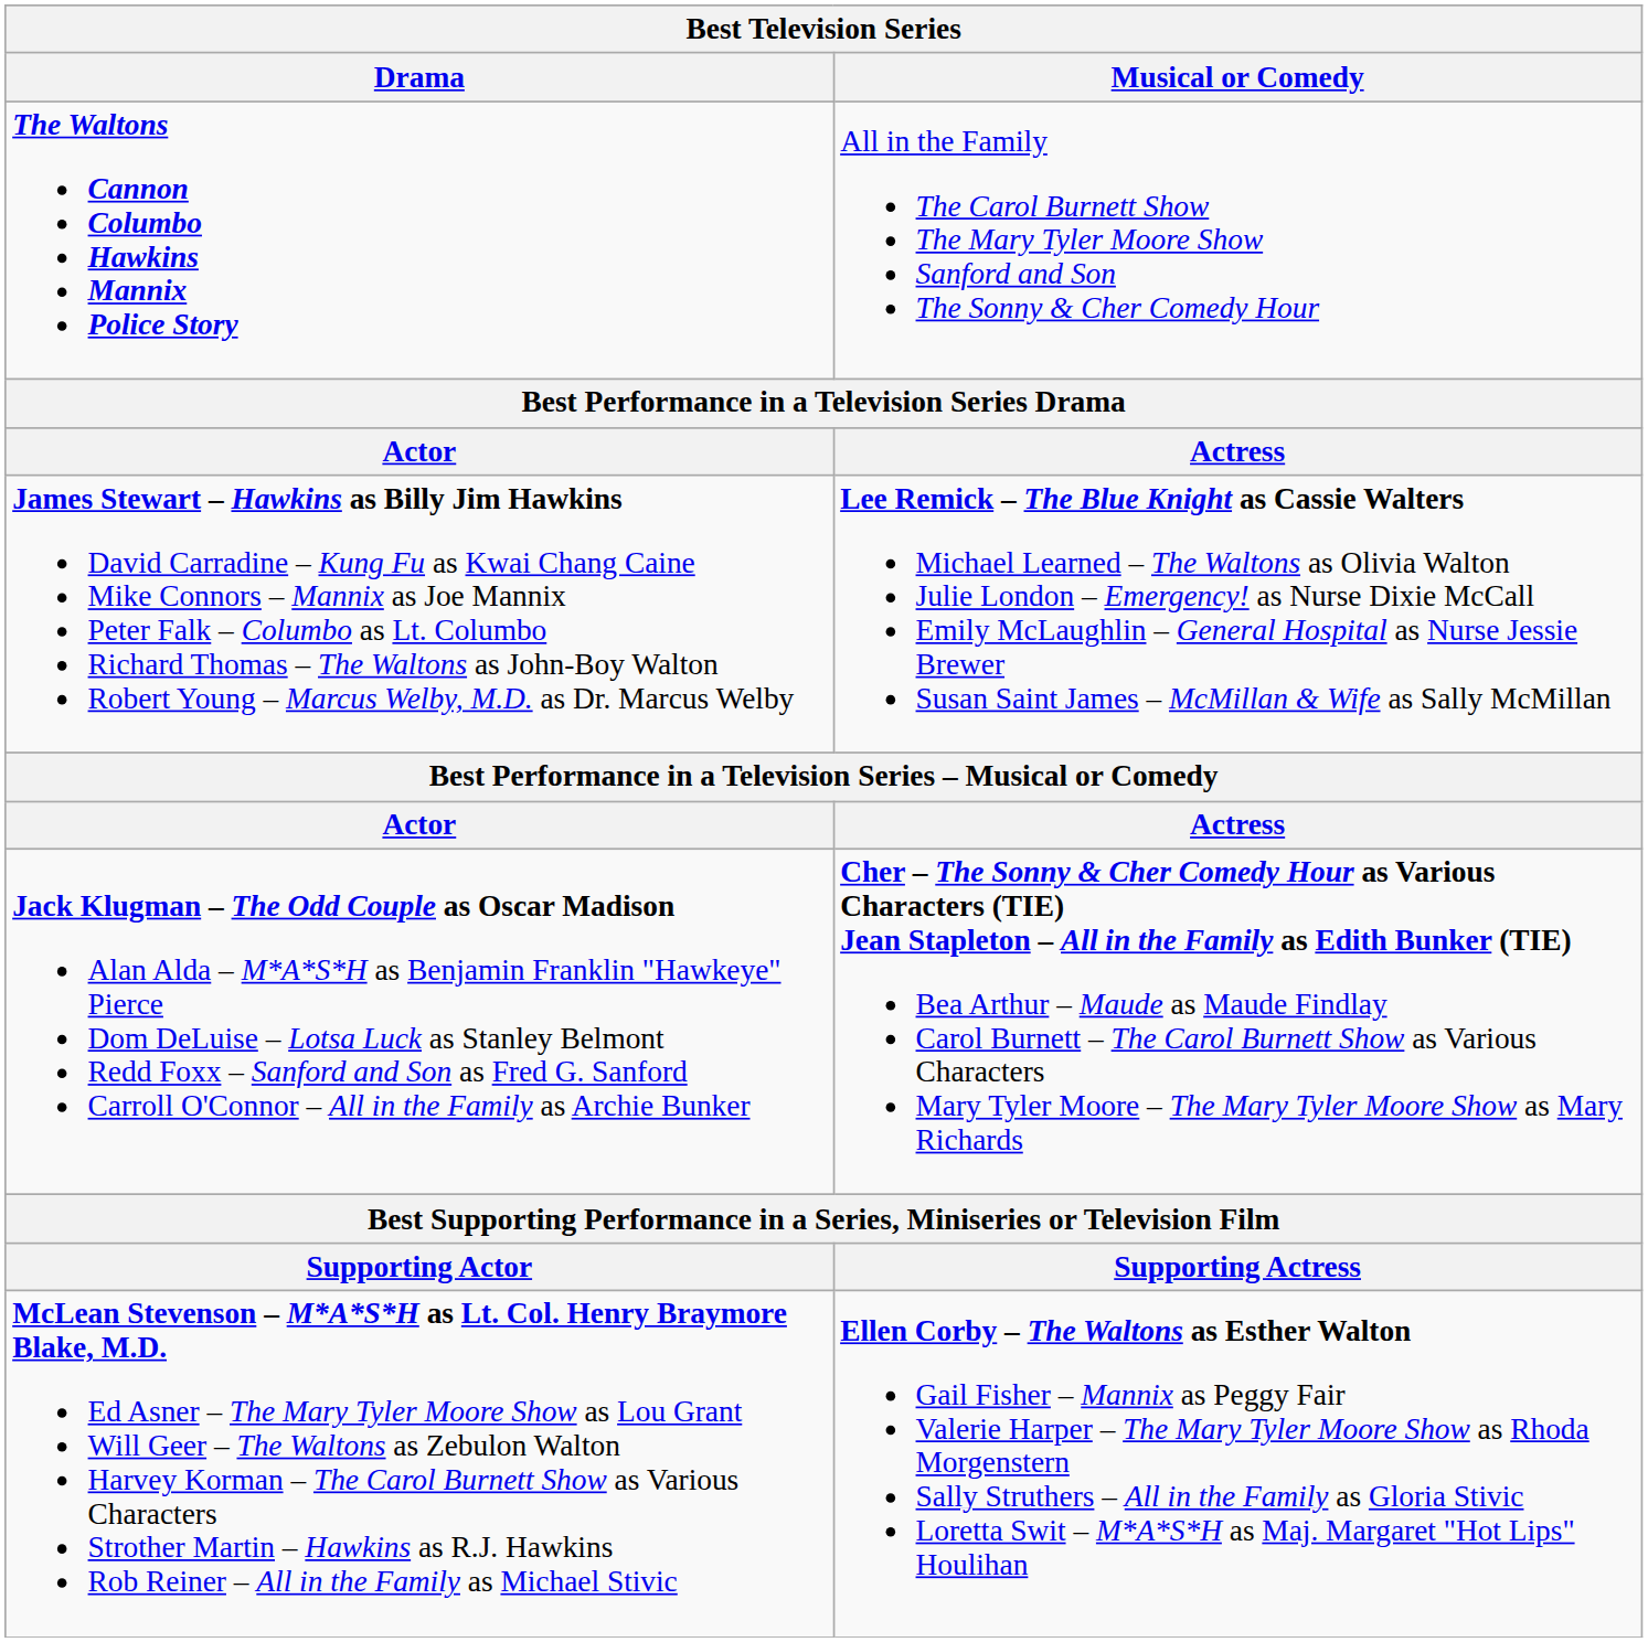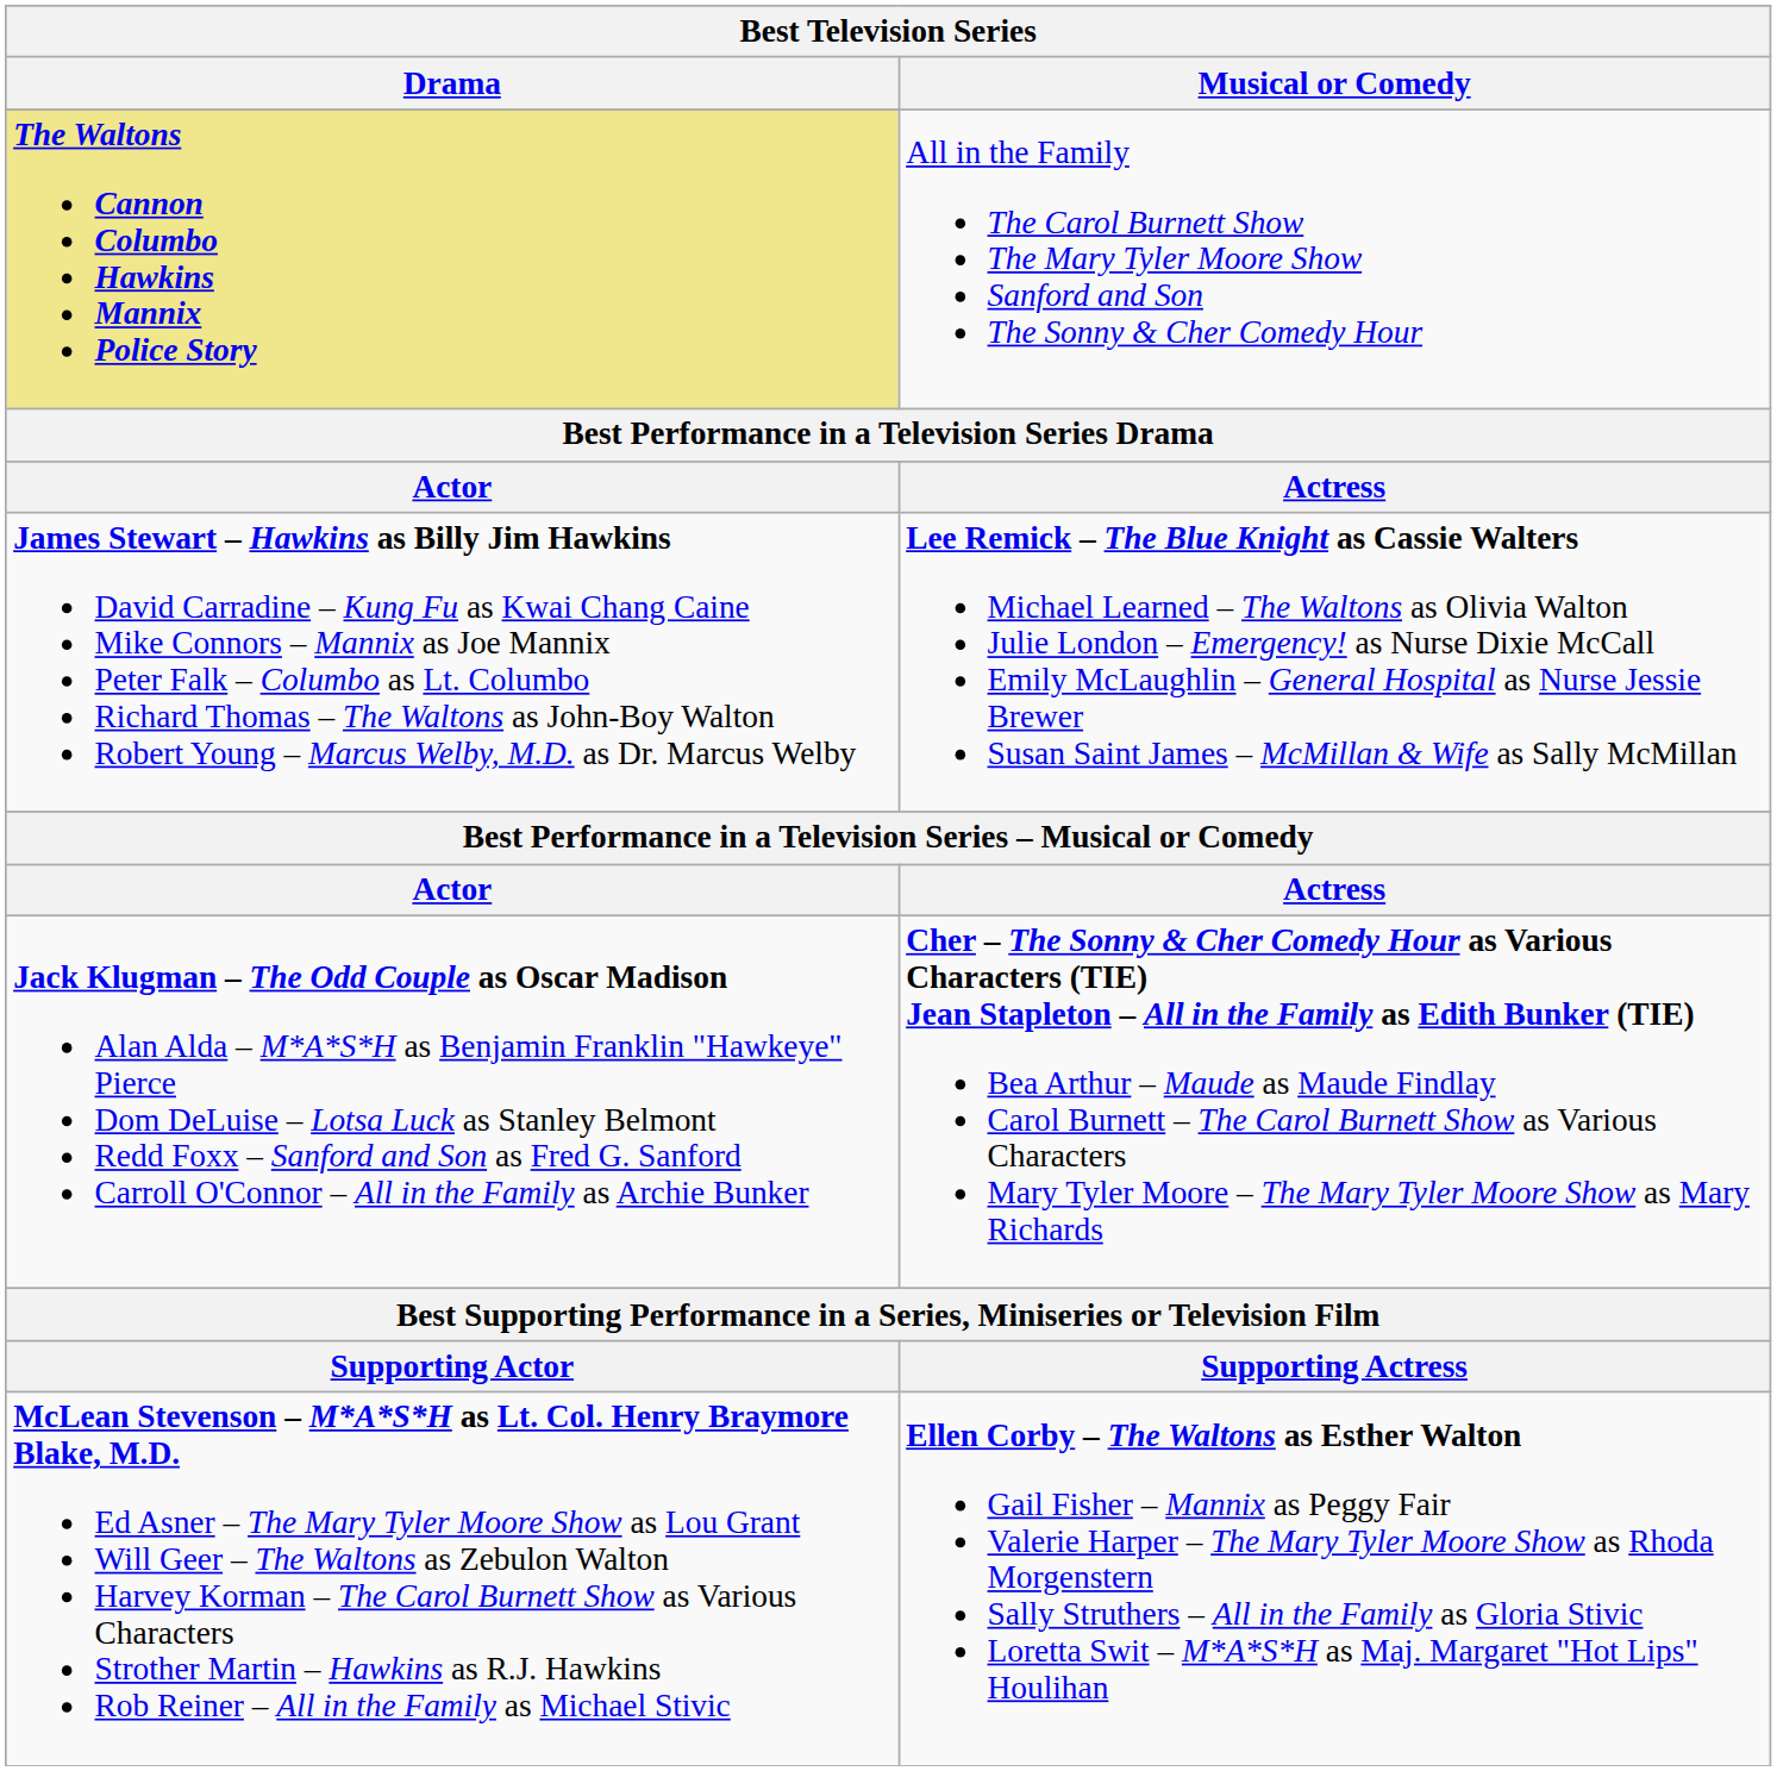 <table class="wikitable">
 <tr>
 <th colspan="2">Best Television Series</th>
 </tr>
 <tr>
 <th><a href='#'>Drama</a></th>
 <th><a href='#'>Musical or Comedy</a></th>
 </tr>
 <tr>
-<td><strong> <em><a href='#'>The Waltons</a><strong><em><br><ul><li></em><a href='#'>Cannon</a><em></li><li></em><a href='#'>Columbo</a><em></li><li></em><a href='#'>Hawkins</a><em></li><li></em><a href='#'>Mannix</a><em></li><li></em><a href='#'>Police Story</a><em></li></ul></td>
+<td style="background: khaki;"><strong> <em><a href='#'>The Waltons</a><strong><em><br><ul><li></em><a href='#'>Cannon</a><em></li><li></em><a href='#'>Columbo</a><em></li><li></em><a href='#'>Hawkins</a><em></li><li></em><a href='#'>Mannix</a><em></li><li></em><a href='#'>Police Story</a><em></li></ul></td>
 <td></strong> </em><a href='#'>All in the Family</a></em></strong><br><ul><li><em><a href='#'>The Carol Burnett Show</a></em></li><li><em><a href='#'>The Mary Tyler Moore Show</a></em></li><li><em><a href='#'>Sanford and Son</a></em></li><li><em><a href='#'>The Sonny & Cher Comedy Hour</a></em></li></ul></td>
 </tr>
 <tr>
 <th colspan="2">Best Performance in a Television Series  Drama</th>
 </tr>
 <tr>
 <th><a href='#'>Actor</a></th>
 <th><a href='#'>Actress</a></th>
 </tr>
 <tr>
 <td><strong> <a href='#'>James Stewart</a> – <em><a href='#'>Hawkins</a></em> as Billy Jim Hawkins</strong><br><ul><li><a href='#'>David Carradine</a> – <em><a href='#'>Kung Fu</a></em> as <a href='#'>Kwai Chang Caine</a></li><li><a href='#'>Mike Connors</a> – <em><a href='#'>Mannix</a></em> as Joe Mannix</li><li><a href='#'>Peter Falk</a> – <em><a href='#'>Columbo</a></em> as <a href='#'>Lt. Columbo</a></li><li><a href='#'>Richard Thomas</a> – <em><a href='#'>The Waltons</a></em> as John-Boy Walton</li><li><a href='#'>Robert Young</a> – <em><a href='#'>Marcus Welby, M.D.</a></em> as Dr. Marcus Welby</li></ul></td>
 <td><strong> <a href='#'>Lee Remick</a> – <em><a href='#'>The Blue Knight</a></em> as Cassie Walters</strong><br><ul><li><a href='#'>Michael Learned</a> – <em><a href='#'>The Waltons</a></em> as Olivia Walton</li><li><a href='#'>Julie London</a> – <em><a href='#'>Emergency!</a></em> as Nurse Dixie McCall</li><li><a href='#'>Emily McLaughlin</a> – <em><a href='#'>General Hospital</a></em> as <a href='#'>Nurse Jessie Brewer</a></li><li><a href='#'>Susan Saint James</a> – <em><a href='#'>McMillan & Wife</a></em> as Sally McMillan</li></ul></td>
 </tr>
 <tr>
 <th colspan="2">Best Performance in a Television Series – Musical or Comedy</th>
 </tr>
 <tr>
 <th><a href='#'>Actor</a></th>
 <th><a href='#'>Actress</a></th>
 </tr>
 <tr>
 <td><strong> <a href='#'>Jack Klugman</a> – <em><a href='#'>The Odd Couple</a></em> as Oscar Madison</strong><br><ul><li><a href='#'>Alan Alda</a> – <em><a href='#'>M*A*S*H</a></em> as <a href='#'>Benjamin Franklin "Hawkeye" Pierce</a></li><li><a href='#'>Dom DeLuise</a> – <em><a href='#'>Lotsa Luck</a></em> as Stanley Belmont</li><li><a href='#'>Redd Foxx</a> – <em><a href='#'>Sanford and Son</a></em> as <a href='#'>Fred G. Sanford</a></li><li><a href='#'>Carroll O'Connor</a> – <em><a href='#'>All in the Family</a></em> as <a href='#'>Archie Bunker</a></li></ul></td>
 <td><strong> <a href='#'>Cher</a> – <em><a href='#'>The Sonny & Cher Comedy Hour</a></em> as Various Characters (TIE)</strong><br><strong> <a href='#'>Jean Stapleton</a> – <em><a href='#'>All in the Family</a></em> as <a href='#'>Edith Bunker</a> (TIE)</strong><ul><li><a href='#'>Bea Arthur</a> – <em><a href='#'>Maude</a></em> as <a href='#'>Maude Findlay</a></li><li><a href='#'>Carol Burnett</a> – <em><a href='#'>The Carol Burnett Show</a></em> as Various Characters</li><li><a href='#'>Mary Tyler Moore</a> – <em><a href='#'>The Mary Tyler Moore Show</a></em> as <a href='#'>Mary Richards</a></li></ul></td>
 </tr>
 <tr>
 <th colspan="2">Best Supporting Performance in a Series, Miniseries or Television Film</th>
 </tr>
 <tr>
 <th><a href='#'>Supporting Actor</a></th>
 <th><a href='#'>Supporting Actress</a></th>
 </tr>
 <tr>
 <td><strong> <a href='#'>McLean Stevenson</a> – <em><a href='#'>M*A*S*H</a></em> as <a href='#'>Lt. Col. Henry Braymore Blake, M.D.</a></strong><br><ul><li><a href='#'>Ed Asner</a> – <em><a href='#'>The Mary Tyler Moore Show</a></em> as <a href='#'>Lou Grant</a></li><li><a href='#'>Will Geer</a> – <em><a href='#'>The Waltons</a></em> as Zebulon Walton</li><li><a href='#'>Harvey Korman</a> – <em><a href='#'>The Carol Burnett Show</a></em> as Various Characters</li><li><a href='#'>Strother Martin</a> – <em><a href='#'>Hawkins</a></em> as R.J. Hawkins</li><li><a href='#'>Rob Reiner</a> – <em><a href='#'>All in the Family</a></em> as <a href='#'>Michael Stivic</a></li></ul></td>
 <td><strong><a href='#'>Ellen Corby</a> – <em><a href='#'>The Waltons</a></em> as Esther Walton</strong><br><ul><li><a href='#'>Gail Fisher</a> – <em><a href='#'>Mannix</a></em> as Peggy Fair</li><li><a href='#'>Valerie Harper</a> – <em><a href='#'>The Mary Tyler Moore Show</a></em> as <a href='#'>Rhoda Morgenstern</a></li><li><a href='#'>Sally Struthers</a> – <em><a href='#'>All in the Family</a></em> as <a href='#'>Gloria Stivic</a></li><li><a href='#'>Loretta Swit</a> – <em><a href='#'>M*A*S*H</a></em> as <a href='#'>Maj. Margaret "Hot Lips" Houlihan</a></li></ul></td>
 </tr>
 </table>
